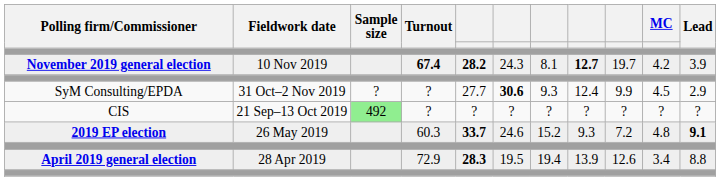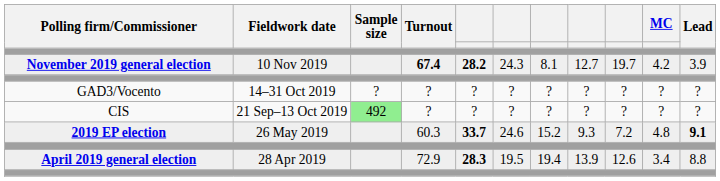 <table class="wikitable collapsible collapsed" style="text-align:center; font-size:95%; line-height:16px;">
 <tr style="height:42px;">
 <th style="width:250px;" rowspan="2">Polling firm/Commissioner</th>
 <th style="width:125px;" rowspan="2">Fieldwork date</th>
 <th style="width:50px;" rowspan="2">Sample size</th>
 <th style="width:45px;" rowspan="2">Turnout</th>
 <th style="width:35px;"></th>
 <th style="width:35px;"></th>
 <th style="width:35px;"></th>
 <th style="width:35px;"></th>
 <th style="width:35px;"></th>
 <th style="width:35px;"><a href='#'>MC</a></th>
 <th style="width:30px;" rowspan="2">Lead</th>
 </tr>
 <tr>
 <th style="color:inherit;background:"></th>
 <th style="color:inherit;background:"></th>
 <th style="color:inherit;background:"></th>
 <th style="color:inherit;background:"></th>
 <th style="color:inherit;background:"></th>
 <th style="color:inherit;background:"></th>
 </tr>
 <tr>
 <td colspan="11" style="background:#A0A0A0"></td>
 </tr>
 <tr style="background:#EFEFEF;">
 <td><strong><a href='#'>November 2019 general election</a></strong></td>
 <td>10 Nov 2019</td>
 <td></td>
 <td><strong>67.4</strong></td>
 <td><strong>28.2</strong><br></td>
 <td>24.3<br></td>
 <td>8.1<br></td>
-<td><strong>12.7<br></strong></td>
+<td>12.7<br></td>
 <td>19.7<br></td>
 <td>4.2<br></td>
 <td style="background:">3.9</td>
 </tr>
 <tr>
 <td colspan="11" style="background:#A0A0A0"></td>
 </tr>
 <tr>
-<td>SyM Consulting/EPDA</td>
-<td>31 Oct–2 Nov 2019</td>
+<td>GAD3/Vocento</td>
+<td>14–31 Oct 2019</td>
 <td>?</td>
 <td>?</td>
-<td>27.7<br></td>
-<td><strong>30.6</strong><br></td>
-<td>9.3<br></td>
-<td>12.4<br></td>
-<td>9.9<br></td>
-<td>4.5<br></td>
-<td style="background:">2.9</td>
+<td>?<br></td>
+<td>?<br></td>
+<td>?<br></td>
+<td>?<br></td>
+<td>?<br></td>
+<td>?<br></td>
+<td style="background:">?</td>
 </tr>
 <tr>
 <td>CIS</td>
 <td>21 Sep–13 Oct 2019</td>
 <td style="background: lightgreen;">492</td>
 <td>?</td>
 <td>?<br></td>
 <td>?<br></td>
 <td>?<br></td>
 <td>?<br></td>
 <td>?<br></td>
 <td>?<br></td>
 <td style="background:">?</td>
 </tr>
 <tr style="background:#EFEFEF;">
 <td><strong><a href='#'>2019 EP election</a></strong></td>
 <td>26 May 2019</td>
 <td></td>
 <td>60.3</td>
 <td><strong>33.7</strong><br></td>
 <td>24.6<br></td>
 <td>15.2<br></td>
 <td>9.3<br></td>
 <td>7.2<br></td>
 <td>4.8<br></td>
 <td style="background:"><strong>9.1</strong></td>
 </tr>
 <tr>
 <td colspan="11" style="background:#A0A0A0"></td>
 </tr>
 <tr style="background:#EFEFEF;">
 <td><strong><a href='#'>April 2019 general election</a></strong></td>
 <td>28 Apr 2019</td>
 <td></td>
 <td>72.9</td>
 <td><strong>28.3</strong><br></td>
 <td>19.5<br></td>
 <td>19.4<br></td>
 <td>13.9<br></td>
 <td>12.6<br></td>
 <td>3.4<br></td>
 <td style="background:">8.8</td>
 </tr>
 <tr>
 <td colspan="11" style="background:#A0A0A0"></td>
 </tr>
 </table>
